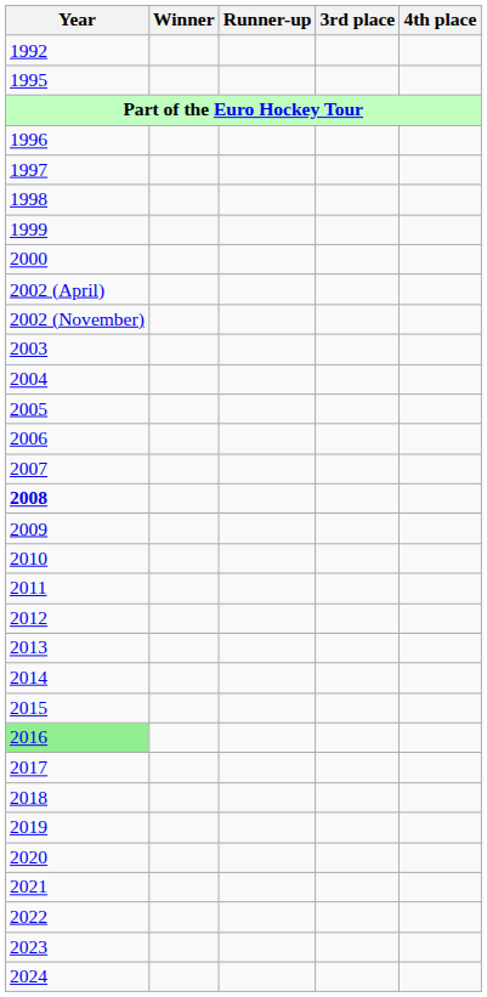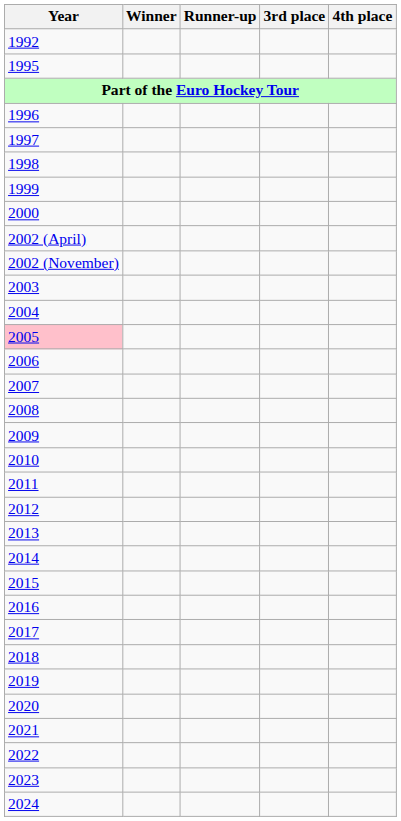 <table class="wikitable">
 <tr>
 <th>Year</th>
 <th>Winner</th>
 <th>Runner-up</th>
 <th>3rd place</th>
 <th>4th place</th>
 </tr>
 <tr>
 <td><a href='#'>1992</a></td>
 <td></td>
 <td></td>
 <td></td>
 <td></td>
 </tr>
 <tr>
 <td><a href='#'>1995</a></td>
 <td></td>
 <td></td>
 <td></td>
 <td></td>
 </tr>
 <tr>
 <th colspan=5 style="text-align: center; background-color: #c0ffc0">Part of the <a href='#'>Euro Hockey Tour</a></th>
 </tr>
 <tr>
 <td><a href='#'>1996</a></td>
 <td></td>
 <td></td>
 <td></td>
 <td></td>
 </tr>
 <tr>
 <td><a href='#'>1997</a></td>
 <td></td>
 <td></td>
 <td></td>
 <td></td>
 </tr>
 <tr>
 <td><a href='#'>1998</a></td>
 <td></td>
 <td></td>
 <td></td>
 <td></td>
 </tr>
 <tr>
 <td><a href='#'>1999</a></td>
 <td></td>
 <td></td>
 <td></td>
 <td></td>
 </tr>
 <tr>
 <td><a href='#'>2000</a></td>
 <td></td>
 <td></td>
 <td></td>
 <td></td>
 </tr>
 <tr>
 <td><a href='#'>2002 (April)</a></td>
 <td></td>
 <td></td>
 <td></td>
 <td></td>
 </tr>
 <tr>
 <td><a href='#'>2002 (November)</a></td>
 <td></td>
 <td></td>
 <td></td>
 <td></td>
 </tr>
 <tr>
 <td><a href='#'>2003</a></td>
 <td></td>
 <td></td>
 <td></td>
 <td></td>
 </tr>
 <tr>
 <td><a href='#'>2004</a></td>
 <td></td>
 <td></td>
 <td></td>
 <td></td>
 </tr>
 <tr>
-<td><a href='#'>2005</a></td>
+<td style="background: pink;"><a href='#'>2005</a></td>
 <td></td>
 <td></td>
 <td></td>
 <td></td>
 </tr>
 <tr>
 <td><a href='#'>2006</a></td>
 <td></td>
 <td></td>
 <td></td>
 <td></td>
 </tr>
 <tr>
 <td><a href='#'>2007</a></td>
 <td></td>
 <td></td>
 <td></td>
 <td></td>
 </tr>
 <tr>
-<td><strong><a href='#'>2008</a></strong></td>
+<td><a href='#'>2008</a></td>
 <td></td>
 <td></td>
 <td></td>
 <td></td>
 </tr>
 <tr>
 <td><a href='#'>2009</a></td>
 <td></td>
 <td></td>
 <td></td>
 <td></td>
 </tr>
 <tr>
 <td><a href='#'>2010</a></td>
 <td></td>
 <td></td>
 <td></td>
 <td></td>
 </tr>
 <tr>
 <td><a href='#'>2011</a></td>
 <td></td>
 <td></td>
 <td></td>
 <td></td>
 </tr>
 <tr>
 <td><a href='#'>2012</a></td>
 <td></td>
 <td></td>
 <td></td>
 <td></td>
 </tr>
 <tr>
 <td><a href='#'>2013</a></td>
 <td></td>
 <td></td>
 <td></td>
 <td></td>
 </tr>
 <tr>
 <td><a href='#'>2014</a></td>
 <td></td>
 <td></td>
 <td></td>
 <td></td>
 </tr>
 <tr>
 <td><a href='#'>2015</a></td>
 <td></td>
 <td></td>
 <td></td>
 <td></td>
 </tr>
 <tr>
-<td style="background: lightgreen;"><a href='#'>2016</a></td>
+<td><a href='#'>2016</a></td>
 <td></td>
 <td></td>
 <td></td>
 <td></td>
 </tr>
 <tr>
 <td><a href='#'>2017</a></td>
 <td></td>
 <td></td>
 <td></td>
 <td></td>
 </tr>
 <tr>
 <td><a href='#'>2018</a></td>
 <td></td>
 <td></td>
 <td></td>
 <td></td>
 </tr>
 <tr>
 <td><a href='#'>2019</a></td>
 <td></td>
 <td></td>
 <td></td>
 <td></td>
 </tr>
 <tr>
 <td><a href='#'>2020</a></td>
 <td></td>
 <td></td>
 <td></td>
 <td></td>
 </tr>
 <tr>
 <td><a href='#'>2021</a></td>
 <td></td>
 <td></td>
 <td></td>
 <td></td>
 </tr>
 <tr>
 <td><a href='#'>2022</a></td>
 <td></td>
 <td></td>
 <td></td>
 <td></td>
 </tr>
 <tr>
 <td><a href='#'>2023</a></td>
 <td></td>
 <td></td>
 <td></td>
 <td></td>
 </tr>
 <tr>
 <td><a href='#'>2024</a></td>
 <td></td>
 <td></td>
 <td></td>
 <td></td>
 </tr>
 </table>
